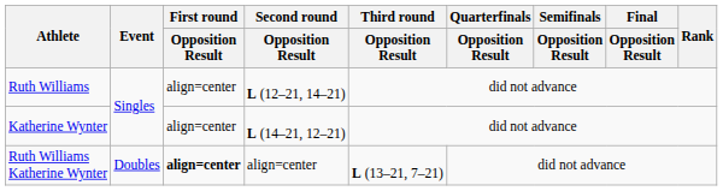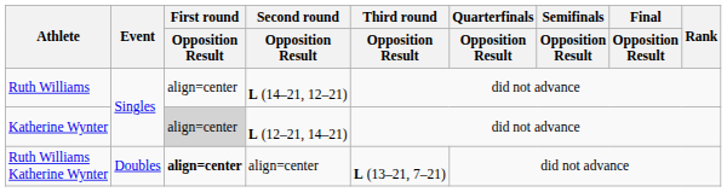 <table class="wikitable" style="font-size:90%">
 <tr>
 <th rowspan="2">Athlete</th>
 <th rowspan="2">Event</th>
 <th>First round</th>
 <th>Second round</th>
 <th>Third round</th>
 <th>Quarterfinals</th>
 <th>Semifinals</th>
 <th>Final</th>
 <th rowspan="2">Rank</th>
 </tr>
 <tr>
 <th>Opposition<br>Result</th>
 <th>Opposition<br>Result</th>
 <th>Opposition<br>Result</th>
 <th>Opposition<br>Result</th>
 <th>Opposition<br>Result</th>
 <th>Opposition<br>Result</th>
 </tr>
 <tr>
 <td><a href='#'>Ruth Williams</a></td>
 <td rowspan="2"><a href='#'>Singles</a></td>
 <td>align=center </td>
-<td align=center><br><strong>L</strong> (12–21, 14–21)</td>
+<td align=center><br><strong>L</strong> (14–21, 12–21)</td>
 <td colspan="5" align="center">did not advance</td>
 </tr>
 <tr>
 <td><a href='#'>Katherine Wynter</a></td>
-<td>align=center </td>
-<td align=center><br><strong>L</strong> (14–21, 12–21)</td>
+<td style="background: lightgrey;">align=center </td>
+<td align=center><br><strong>L</strong> (12–21, 14–21)</td>
 <td colspan="5" align="center">did not advance</td>
 </tr>
 <tr>
 <td><a href='#'>Ruth Williams</a><br><a href='#'>Katherine Wynter</a></td>
 <td><a href='#'>Doubles</a></td>
 <td><strong>align=center </strong></td>
 <td>align=center </td>
 <td align=center><br><strong>L</strong> (13–21, 7–21)</td>
 <td colspan="4" align="center">did not advance</td>
 </tr>
 </table>
